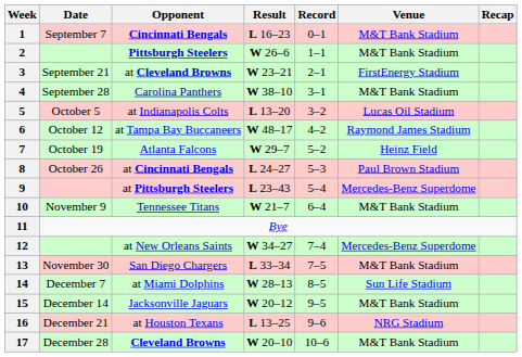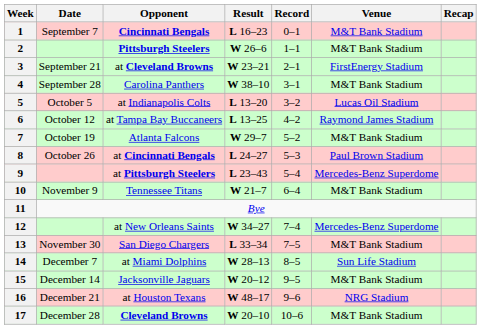 <table class="wikitable" style="text-align:center">
 <tr>
 <th>Week</th>
 <th>Date</th>
 <th>Opponent</th>
 <th>Result</th>
 <th>Record</th>
 <th>Venue</th>
 <th>Recap</th>
 </tr>
 <tr style="background:#fcc">
 <th>1</th>
 <td>September 7</td>
 <td><strong><a href='#'>Cincinnati Bengals</a></strong></td>
 <td><strong>L</strong> 16–23</td>
 <td>0–1</td>
 <td><a href='#'>M&T Bank Stadium</a></td>
 <td></td>
 </tr>
 <tr style="background:#cfc">
 <th>2</th>
 <td></td>
 <td><strong><a href='#'>Pittsburgh Steelers</a></strong></td>
 <td><strong>W</strong> 26–6</td>
 <td>1–1</td>
 <td>M&T Bank Stadium</td>
 <td></td>
 </tr>
 <tr style="background:#cfc">
 <th>3</th>
 <td>September 21</td>
 <td>at <strong><a href='#'>Cleveland Browns</a></strong></td>
 <td><strong>W</strong> 23–21</td>
 <td>2–1</td>
 <td><a href='#'>FirstEnergy Stadium</a></td>
 <td></td>
 </tr>
 <tr style="background:#cfc">
 <th>4</th>
 <td>September 28</td>
 <td><a href='#'>Carolina Panthers</a></td>
 <td><strong>W</strong> 38–10</td>
 <td>3–1</td>
 <td>M&T Bank Stadium</td>
 <td></td>
 </tr>
 <tr style="background:#fcc">
 <th>5</th>
 <td>October 5</td>
 <td>at <a href='#'>Indianapolis Colts</a></td>
 <td><strong>L</strong> 13–20</td>
 <td>3–2</td>
 <td><a href='#'>Lucas Oil Stadium</a></td>
 <td></td>
 </tr>
 <tr style="background:#cfc">
 <th>6</th>
 <td>October 12</td>
 <td>at <a href='#'>Tampa Bay Buccaneers</a></td>
-<td><strong>W</strong> 48–17</td>
+<td><strong>L</strong> 13–25</td>
 <td>4–2</td>
 <td><a href='#'>Raymond James Stadium</a></td>
 <td></td>
 </tr>
 <tr style="background:#cfc">
 <th>7</th>
 <td>October 19</td>
 <td><a href='#'>Atlanta Falcons</a></td>
 <td><strong>W</strong> 29–7</td>
 <td>5–2</td>
-<td><a href='#'>Heinz Field</a></td>
+<td>M&T Bank Stadium</td>
 <td></td>
 </tr>
 <tr style="background:#fcc">
 <th>8</th>
 <td>October 26</td>
 <td>at <strong><a href='#'>Cincinnati Bengals</a></strong></td>
 <td><strong>L</strong> 24–27</td>
 <td>5–3</td>
 <td><a href='#'>Paul Brown Stadium</a></td>
 <td></td>
 </tr>
 <tr style="background:#fcc">
 <th>9</th>
 <td></td>
 <td>at <strong><a href='#'>Pittsburgh Steelers</a></strong></td>
 <td><strong>L</strong> 23–43</td>
 <td>5–4</td>
 <td><a href='#'>Mercedes-Benz Superdome</a></td>
 <td></td>
 </tr>
 <tr style="background:#cfc">
 <th>10</th>
 <td>November 9</td>
 <td><a href='#'>Tennessee Titans</a></td>
 <td><strong>W</strong> 21–7</td>
 <td>6–4</td>
 <td>M&T Bank Stadium</td>
 <td></td>
 </tr>
 <tr>
 <th>11</th>
 <td colspan="7"><em><a href='#'>Bye</a></em></td>
 </tr>
 <tr style="background:#cfc">
 <th>12</th>
 <td></td>
 <td>at <a href='#'>New Orleans Saints</a></td>
 <td><strong>W</strong> 34–27</td>
 <td>7–4</td>
 <td><a href='#'>Mercedes-Benz Superdome</a></td>
 <td></td>
 </tr>
 <tr style="background:#fcc">
 <th>13</th>
 <td>November 30</td>
 <td><a href='#'>San Diego Chargers</a></td>
 <td><strong>L</strong> 33–34</td>
 <td>7–5</td>
 <td>M&T Bank Stadium</td>
 <td></td>
 </tr>
 <tr style="background:#cfc">
 <th>14</th>
 <td>December 7</td>
 <td>at <a href='#'>Miami Dolphins</a></td>
 <td><strong>W</strong> 28–13</td>
 <td>8–5</td>
 <td><a href='#'>Sun Life Stadium</a></td>
 <td></td>
 </tr>
 <tr style="background:#cfc">
 <th>15</th>
 <td>December 14</td>
 <td><a href='#'>Jacksonville Jaguars</a></td>
 <td><strong>W</strong> 20–12</td>
 <td>9–5</td>
 <td>M&T Bank Stadium</td>
 <td></td>
 </tr>
 <tr style="background:#fcc">
 <th>16</th>
 <td>December 21</td>
 <td>at <a href='#'>Houston Texans</a></td>
-<td><strong>L</strong> 13–25</td>
+<td><strong>W</strong> 48–17</td>
 <td>9–6</td>
 <td><a href='#'>NRG Stadium</a></td>
 <td></td>
 </tr>
 <tr style="background:#cfc">
 <th>17</th>
 <td>December 28</td>
 <td><strong><a href='#'>Cleveland Browns</a></strong></td>
 <td><strong>W</strong> 20–10</td>
 <td>10–6</td>
 <td>M&T Bank Stadium</td>
 <td></td>
 </tr>
 </table>
